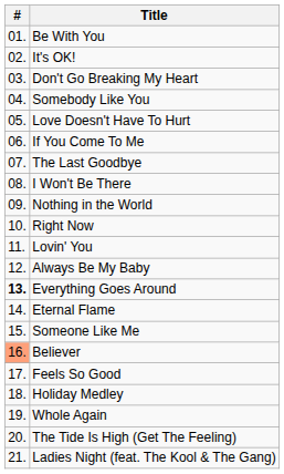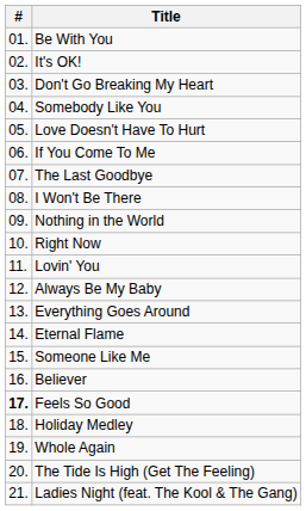 <table class="wikitable">
 <tr>
 <th bgcolor="#ebf5ff">#</th>
 <th bgcolor="#ebf5ff">Title</th>
 </tr>
 <tr>
 <td>01.</td>
 <td>Be With You</td>
 </tr>
 <tr>
 <td>02.</td>
 <td>It's OK!</td>
 </tr>
 <tr>
 <td>03.</td>
 <td>Don't Go Breaking My Heart</td>
 </tr>
 <tr>
 <td>04.</td>
 <td>Somebody Like You</td>
 </tr>
 <tr>
 <td>05.</td>
 <td>Love Doesn't Have To Hurt</td>
 </tr>
 <tr>
 <td>06.</td>
 <td>If You Come To Me</td>
 </tr>
 <tr>
 <td>07.</td>
 <td>The Last Goodbye</td>
 </tr>
 <tr>
 <td>08.</td>
 <td>I Won't Be There</td>
 </tr>
 <tr>
 <td>09.</td>
 <td>Nothing in the World</td>
 </tr>
 <tr>
 <td>10.</td>
 <td>Right Now</td>
 </tr>
 <tr>
 <td>11.</td>
 <td>Lovin' You</td>
 </tr>
 <tr>
 <td>12.</td>
 <td>Always Be My Baby</td>
 </tr>
 <tr>
-<td><strong>13.</strong></td>
+<td>13.</td>
 <td>Everything Goes Around</td>
 </tr>
 <tr>
 <td>14.</td>
 <td>Eternal Flame</td>
 </tr>
 <tr>
 <td>15.</td>
 <td>Someone Like Me</td>
 </tr>
 <tr>
-<td style="background: lightsalmon;">16.</td>
+<td>16.</td>
 <td>Believer</td>
 </tr>
 <tr>
-<td>17.</td>
+<td><strong>17.</strong></td>
 <td>Feels So Good</td>
 </tr>
 <tr>
 <td>18.</td>
 <td>Holiday Medley</td>
 </tr>
 <tr>
 <td>19.</td>
 <td>Whole Again</td>
 </tr>
 <tr>
 <td>20.</td>
 <td>The Tide Is High (Get The Feeling)</td>
 </tr>
 <tr>
 <td>21.</td>
 <td>Ladies Night (feat. The Kool & The Gang)</td>
 </tr>
 </table>
